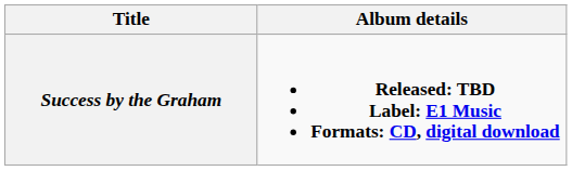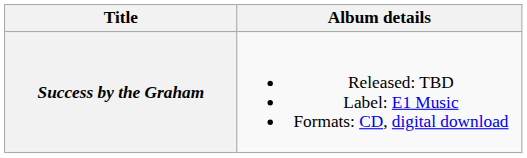 <table class="wikitable plainrowheaders" style="text-align:center;">
 <tr>
 <th scope="col" style="width:13em;">Title</th>
 <th scope="col" style="width:16em;">Album details</th>
 </tr>
 <tr>
 <th scope="row"><em>Success by the Graham</em></th>
-<td><strong><br><ul><li>Released: TBD</li><li>Label: <a href='#'>E1 Music</a></li><li>Formats: <a href='#'>CD</a>, <a href='#'>digital download</a></li></ul></strong></td>
+<td><br><ul><li>Released: TBD</li><li>Label: <a href='#'>E1 Music</a></li><li>Formats: <a href='#'>CD</a>, <a href='#'>digital download</a></li></ul></td>
 </tr>
 </table>
